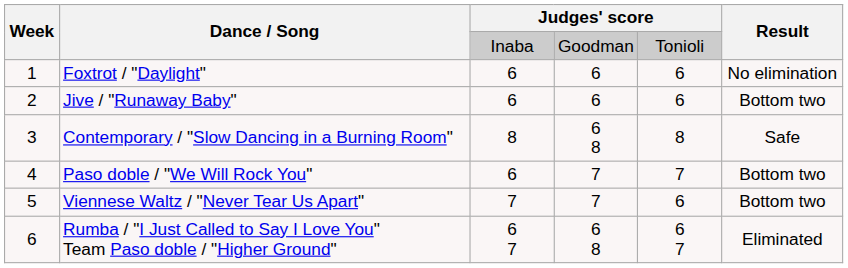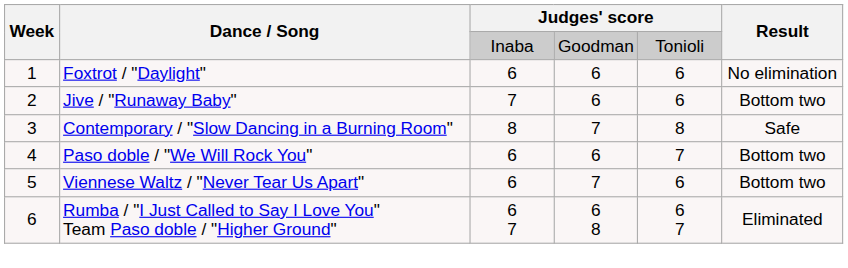 <table class="wikitable" style="text-align:center;">
 <tr style="text-align:center; Contemporary">
 <th rowspan="2" bgcolor="#CCCCCC" align="Center">Week</th>
 <th rowspan="2" bgcolor="#CCCCCC" align="Center">Dance / Song</th>
 <th colspan="3" bgcolor="#CCCCCC" align="Center">Judges' score</th>
 <th rowspan="2" bgcolor="#CCCCCC" align="Center">Result</th>
 </tr>
 <tr>
 <td bgcolor="#CCCCCC" width="10%" align="center">Inaba</td>
 <td bgcolor="#CCCCCC" width="10%" align="center">Goodman</td>
 <td bgcolor="#CCCCCC" width="10%" align="center">Tonioli</td>
 </tr>
 <tr>
 <td bgcolor="#FAF6F6">1</td>
 <td align="left" bgcolor="#FAF6F6"><a href='#'>Foxtrot</a> / "<a href='#'>Daylight</a>"</td>
 <td bgcolor="#FAF6F6">6</td>
 <td bgcolor="#FAF6F6">6</td>
 <td bgcolor="#FAF6F6">6</td>
 <td bgcolor="#FAF6F6">No elimination</td>
 </tr>
 <tr>
 <td bgcolor="#FAF6F6">2</td>
 <td align="left" bgcolor="#FAF6F6"><a href='#'>Jive</a> / "<a href='#'>Runaway Baby</a>"</td>
-<td bgcolor="#FAF6F6">6</td>
+<td bgcolor="#FAF6F6">7</td>
 <td bgcolor="#FAF6F6">6</td>
 <td bgcolor="#FAF6F6">6</td>
 <td bgcolor="#FAF6F6">Bottom two</td>
 </tr>
 <tr>
 <td bgcolor="#FAF6F6">3</td>
 <td align="left" bgcolor="#FAF6F6"><a href='#'>Contemporary</a> / "<a href='#'>Slow Dancing in a Burning Room</a>"</td>
 <td bgcolor="#FAF6F6">8</td>
-<td bgcolor="#FAF6F6">6<br>8</td>
+<td bgcolor="#FAF6F6">7</td>
 <td bgcolor="#FAF6F6">8</td>
 <td bgcolor="#FAF6F6">Safe</td>
 </tr>
 <tr>
 <td bgcolor="#FAF6F6">4</td>
 <td align="left" bgcolor="#FAF6F6"><a href='#'>Paso doble</a> / "<a href='#'>We Will Rock You</a>"</td>
 <td bgcolor="#FAF6F6">6</td>
-<td bgcolor="#FAF6F6">7</td>
+<td bgcolor="#FAF6F6">6</td>
 <td bgcolor="#FAF6F6">7</td>
 <td bgcolor="#FAF6F6">Bottom two</td>
 </tr>
 <tr>
 <td bgcolor="#FAF6F6">5</td>
 <td align="left" bgcolor="#FAF6F6"><a href='#'>Viennese Waltz</a> / "<a href='#'>Never Tear Us Apart</a>"</td>
-<td bgcolor="#FAF6F6">7</td>
+<td bgcolor="#FAF6F6">6</td>
 <td bgcolor="#FAF6F6">7</td>
 <td bgcolor="#FAF6F6">6</td>
 <td bgcolor="#FAF6F6">Bottom two</td>
 </tr>
 <tr>
 <td bgcolor="#FAF6F6">6</td>
 <td align="left" bgcolor="#FAF6F6"><a href='#'>Rumba</a> / "<a href='#'>I Just Called to Say I Love You</a>"<br>Team <a href='#'>Paso doble</a> / "<a href='#'>Higher Ground</a>"</td>
 <td bgcolor="#FAF6F6">6<br>7</td>
 <td bgcolor="#FAF6F6">6<br>8</td>
 <td bgcolor="#FAF6F6">6<br>7</td>
 <td bgcolor="#FAF6F6">Eliminated</td>
 </tr>
 </table>
